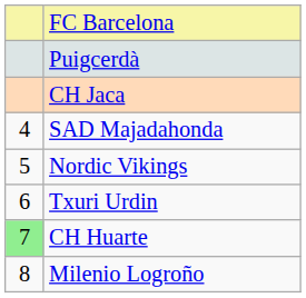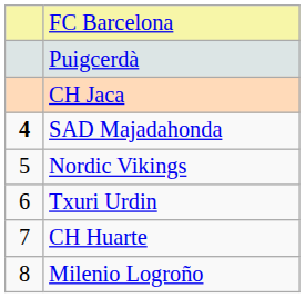 <table class="wikitable" style="width:210px;">
 <tr style="background:#F7F6A8;">
 <td align=center style="width:20px;"></td>
 <td><a href='#'>FC Barcelona</a></td>
 </tr>
 <tr style="background:#DCE5E5;">
 <td align=center></td>
 <td><a href='#'>Puigcerdà</a></td>
 </tr>
 <tr style="background:#FFDAB9;">
 <td align=center></td>
 <td><a href='#'>CH Jaca</a></td>
 </tr>
 <tr>
-<td align=center>4</td>
+<td align=center><strong>4</strong></td>
 <td><a href='#'>SAD Majadahonda</a></td>
 </tr>
 <tr>
 <td align=center>5</td>
 <td><a href='#'>Nordic Vikings</a></td>
 </tr>
 <tr>
 <td align=center>6</td>
 <td><a href='#'>Txuri Urdin</a></td>
 </tr>
 <tr>
-<td align=center style="background: lightgreen;">7</td>
+<td align=center>7</td>
 <td><a href='#'>CH Huarte</a></td>
 </tr>
 <tr>
 <td align=center>8</td>
 <td><a href='#'>Milenio Logroño</a></td>
 </tr>
 </table>
